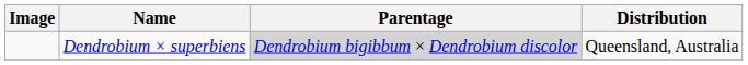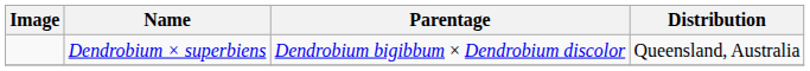 <table class="wikitable collapsible">
 <tr>
 <th>Image</th>
 <th>Name</th>
 <th>Parentage</th>
 <th>Distribution</th>
 </tr>
 <tr>
 <td></td>
 <td><em><a href='#'>Dendrobium × superbiens</a></em> </td>
-<td style="background: lightgrey;"><em><a href='#'>Dendrobium bigibbum</a></em> ×  <em><a href='#'>Dendrobium discolor</a></em></td>
+<td><em><a href='#'>Dendrobium bigibbum</a></em> ×  <em><a href='#'>Dendrobium discolor</a></em></td>
 <td>Queensland, Australia</td>
 </tr>
 <tr>
 </tr>
 </table>
